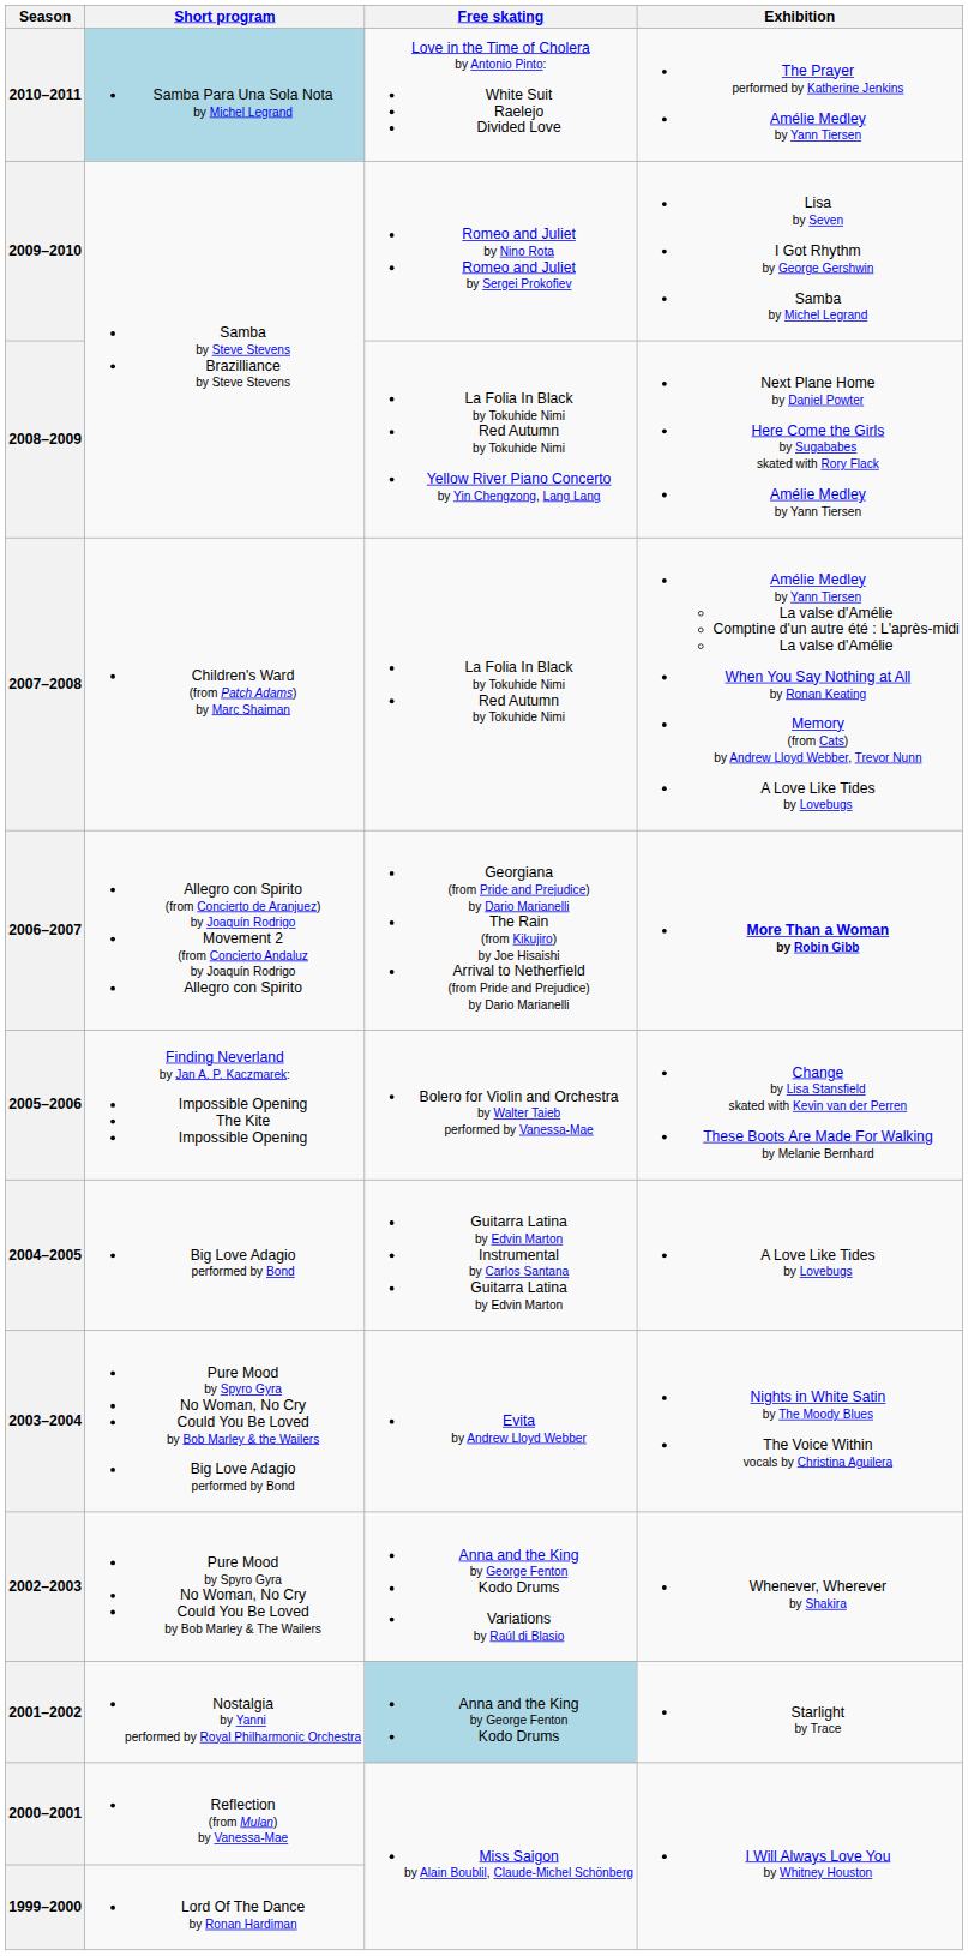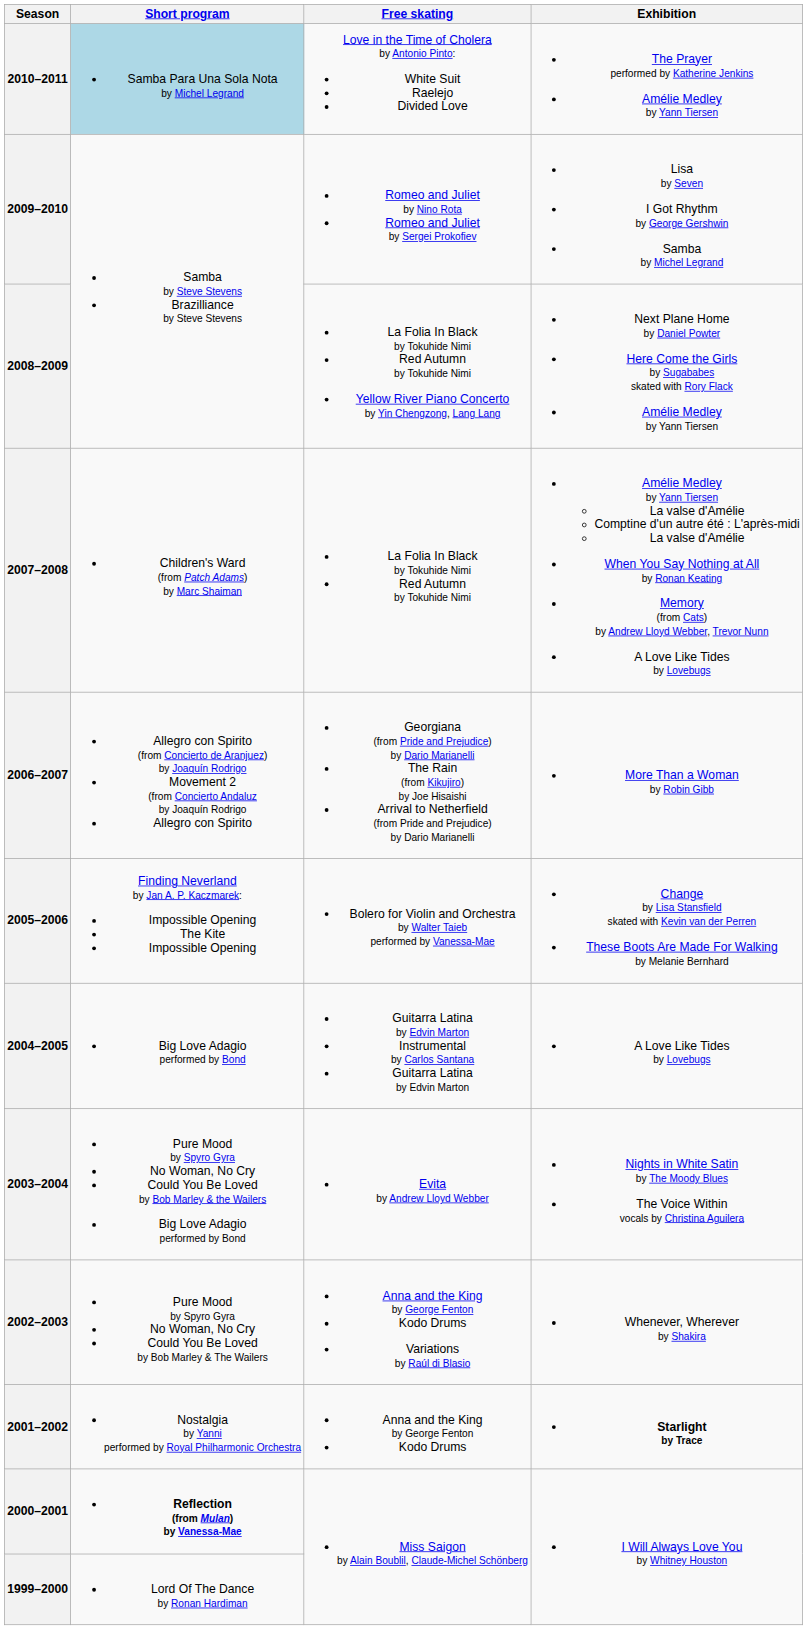 <table class="wikitable" style="text-align:center">
 <tr>
 <th>Season</th>
 <th><a href='#'>Short program</a></th>
 <th><a href='#'>Free skating</a></th>
 <th>Exhibition</th>
 </tr>
 <tr>
 <th>2010–2011 <br> </th>
 <td style="background: lightblue;"><br><ul><li>Samba Para Una Sola Nota <br><small> by <a href='#'>Michel Legrand</a> </small></li></ul></td>
 <td><a href='#'>Love in the Time of Cholera</a> <br><small> by <a href='#'>Antonio Pinto</a>: </small><br><ul><li>White Suit</li><li>Raelejo</li><li>Divided Love</li></ul></td>
 <td><br><ul><li><a href='#'>The Prayer</a> <br><small> performed by <a href='#'>Katherine Jenkins</a> </small></li></ul><ul><li><a href='#'>Amélie Medley</a> <br><small> by <a href='#'>Yann Tiersen</a> </small></li></ul></td>
 </tr>
 <tr>
 <th>2009–2010 <br> </th>
 <td rowspan=2><br><ul><li>Samba <br><small> by <a href='#'>Steve Stevens</a> </small></li><li>Brazilliance <br><small> by Steve Stevens </small></li></ul></td>
 <td><br><ul><li><a href='#'>Romeo and Juliet</a> <br><small> by <a href='#'>Nino Rota</a> </small></li><li><a href='#'>Romeo and Juliet</a> <br><small> by <a href='#'>Sergei Prokofiev</a> </small></li></ul></td>
 <td><br><ul><li>Lisa <br><small> by <a href='#'>Seven</a> </small></li></ul><ul><li>I Got Rhythm <br><small> by <a href='#'>George Gershwin</a> </small></li></ul><ul><li>Samba <br><small> by <a href='#'>Michel Legrand</a> </small></li></ul></td>
 </tr>
 <tr>
 <th>2008–2009 <br> </th>
 <td><br><ul><li>La Folia In Black <br><small> by Tokuhide Nimi </small></li><li>Red Autumn <br><small> by Tokuhide Nimi </small></li></ul><ul><li><a href='#'>Yellow River Piano Concerto</a> <br><small> by <a href='#'>Yin Chengzong</a>, <a href='#'>Lang Lang</a> </small></li></ul></td>
 <td><br><ul><li>Next Plane Home <br><small> by <a href='#'>Daniel Powter</a> </small></li></ul><ul><li><a href='#'>Here Come the Girls</a> <br><small> by <a href='#'>Sugababes</a> <br> skated with <a href='#'>Rory Flack</a></small></li></ul><ul><li><a href='#'>Amélie Medley</a> <br><small> by Yann Tiersen </small></li></ul></td>
 </tr>
 <tr>
 <th>2007–2008 <br> </th>
 <td><br><ul><li>Children's Ward <br><small> (from <a href='#'><em>Patch Adams</em></a>) <br> by <a href='#'>Marc Shaiman</a> </small></li></ul></td>
 <td><br><ul><li>La Folia In Black <br><small> by Tokuhide Nimi </small></li><li>Red Autumn <br><small> by Tokuhide Nimi </small></li></ul></td>
 <td><br><ul><li><a href='#'>Amélie Medley</a> <br><small> by <a href='#'>Yann Tiersen</a> </small><ul><li>La valse d'Amélie</li><li>Comptine d'un autre été : L'après-midi</li><li>La valse d'Amélie</li></ul></li></ul><ul><li><a href='#'>When You Say Nothing at All</a> <br><small> by <a href='#'>Ronan Keating</a> </small></li></ul><ul><li><a href='#'>Memory</a> <br><small> (from <a href='#'>Cats</a>) <br> by  <a href='#'>Andrew Lloyd Webber</a>, <a href='#'>Trevor Nunn</a></small></li></ul><ul><li>A Love Like Tides <br><small> by <a href='#'>Lovebugs</a> </small></li></ul></td>
 </tr>
 <tr>
 <th>2006–2007 <br> </th>
 <td><br><ul><li>Allegro con Spirito <br><small> (from <a href='#'>Concierto de Aranjuez</a>) <br> by <a href='#'>Joaquín Rodrigo</a> </small></li><li>Movement 2 <br><small> (from <a href='#'>Concierto Andaluz</a> <br> by Joaquín Rodrigo </small></li><li>Allegro con Spirito</li></ul></td>
 <td><br><ul><li>Georgiana <br><small> (from <a href='#'>Pride and Prejudice</a>) <br> by <a href='#'>Dario Marianelli</a> </small></li><li>The Rain <br><small> (from <a href='#'>Kikujiro</a>) <br> by Joe Hisaishi </small></li><li>Arrival to Netherfield <br><small> (from Pride and Prejudice) <br> by Dario Marianelli </small></li></ul></td>
-<td><strong><br><ul><li><a href='#'>More Than a Woman</a> <br><small>by <a href='#'>Robin Gibb</a> </small></li></ul></strong></td>
+<td><br><ul><li><a href='#'>More Than a Woman</a> <br><small>by <a href='#'>Robin Gibb</a> </small></li></ul></td>
 </tr>
 <tr>
 <th>2005–2006 <br> </th>
 <td><a href='#'>Finding Neverland</a> <br><small> by <a href='#'>Jan A. P. Kaczmarek</a>: </small><br><ul><li>Impossible Opening</li><li>The Kite</li><li>Impossible Opening</li></ul></td>
 <td><br><ul><li>Bolero for Violin and Orchestra <br><small> by <a href='#'>Walter Taieb</a> <br> performed by <a href='#'>Vanessa-Mae</a> </small></li></ul></td>
 <td><br><ul><li><a href='#'>Change</a> <br><small> by <a href='#'>Lisa Stansfield</a> <br> skated with <a href='#'>Kevin van der Perren</a></small></li></ul><ul><li><a href='#'>These Boots Are Made For Walking</a> <br><small> by Melanie Bernhard </small></li></ul></td>
 </tr>
 <tr>
 <th>2004–2005 <br> </th>
 <td><br><ul><li>Big Love Adagio <br><small> performed by <a href='#'>Bond</a> </small></li></ul></td>
 <td><br><ul><li>Guitarra Latina <br><small> by <a href='#'>Edvin Marton</a> </small></li><li>Instrumental <br><small> by <a href='#'>Carlos Santana</a> </small></li><li>Guitarra Latina <br><small> by Edvin Marton </small></li></ul></td>
 <td><br><ul><li>A Love Like Tides <br><small>by <a href='#'>Lovebugs</a></small></li></ul></td>
 </tr>
 <tr>
 <th>2003–2004 <br> </th>
 <td><br><ul><li>Pure Mood <br><small> by <a href='#'>Spyro Gyra</a> </small></li><li>No Woman, No Cry</li><li>Could You Be Loved <br><small> by <a href='#'>Bob Marley & the Wailers</a> </small></li></ul><ul><li>Big Love Adagio <br><small> performed by Bond </small></li></ul></td>
 <td><br><ul><li><a href='#'>Evita</a> <br><small> by <a href='#'>Andrew Lloyd Webber</a> </small></li></ul></td>
 <td><br><ul><li><a href='#'>Nights in White Satin</a> <br><small> by <a href='#'>The Moody Blues</a> </small></li></ul><ul><li>The Voice Within <br><small> vocals by <a href='#'>Christina Aguilera</a> </small></li></ul></td>
 </tr>
 <tr>
 <th>2002–2003 <br> </th>
 <td><br><ul><li>Pure Mood <br><small> by Spyro Gyra </small></li><li>No Woman, No Cry</li><li>Could You Be Loved <br><small> by Bob Marley & The Wailers </small></li></ul></td>
 <td><br><ul><li><a href='#'>Anna and the King</a> <br><small> by <a href='#'>George Fenton</a> </small></li><li>Kodo Drums</li></ul><ul><li>Variations <br><small> by <a href='#'>Raúl di Blasio</a> </small></li></ul></td>
 <td><br><ul><li>Whenever, Wherever <br><small> by <a href='#'>Shakira</a> </small></li></ul></td>
 </tr>
 <tr>
 <th>2001–2002 <br> </th>
 <td><br><ul><li>Nostalgia <br><small> by <a href='#'>Yanni</a> <br> performed by <a href='#'>Royal Philharmonic Orchestra</a> </small></li></ul></td>
-<td style="background: lightblue;"><br><ul><li>Anna and the King <br><small> by George Fenton </small></li><li>Kodo Drums</li></ul></td>
-<td><br><ul><li>Starlight <br><small> by Trace </small></li></ul></td>
+<td><br><ul><li>Anna and the King <br><small> by George Fenton </small></li><li>Kodo Drums</li></ul></td>
+<td><strong><br><ul><li>Starlight <br><small> by Trace </small></li></ul></strong></td>
 </tr>
 <tr>
 <th>2000–2001 <br> </th>
-<td><br><ul><li>Reflection <br><small> (from <em><a href='#'>Mulan</a></em>) <br> by <a href='#'>Vanessa-Mae</a> </small></li></ul></td>
+<td><strong><br><ul><li>Reflection <br><small> (from <em><a href='#'>Mulan</a></em>) <br> by <a href='#'>Vanessa-Mae</a> </small></li></ul></strong></td>
 <td rowspan=2><br><ul><li><a href='#'>Miss Saigon</a> <br><small> by <a href='#'>Alain Boublil</a>, <a href='#'>Claude-Michel Schönberg</a> </small></li></ul></td>
 <td rowspan=2><br><ul><li><a href='#'>I Will Always Love You</a> <br><small> by <a href='#'>Whitney Houston</a> </small></li></ul></td>
 </tr>
 <tr>
 <th>1999–2000</th>
 <td><br><ul><li>Lord Of The Dance <br><small> by <a href='#'>Ronan Hardiman</a> </small></li></ul></td>
 </tr>
 </table>
